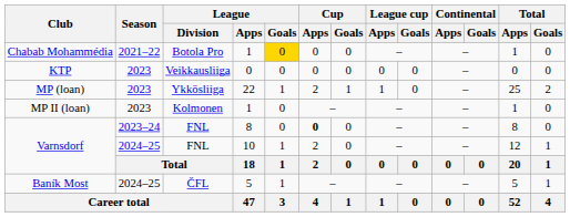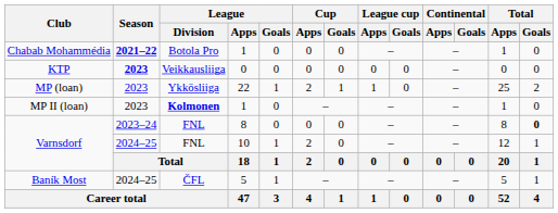 <table class="wikitable" style="text-align:center">
 <tr>
 <th rowspan="2">Club</th>
 <th rowspan="2">Season</th>
 <th colspan="3">League</th>
 <th colspan="2">Cup</th>
 <th colspan="2">League cup</th>
 <th colspan="2">Continental</th>
 <th colspan="2">Total</th>
 </tr>
 <tr>
 <th>Division</th>
 <th>Apps</th>
 <th>Goals</th>
 <th>Apps</th>
 <th>Goals</th>
 <th>Apps</th>
 <th>Goals</th>
 <th>Apps</th>
 <th>Goals</th>
 <th>Apps</th>
 <th>Goals</th>
 </tr>
 <tr>
 <td><a href='#'>Chabab Mohammédia</a></td>
-<td><a href='#'>2021–22</a></td>
+<td><strong><a href='#'>2021–22</a></strong></td>
 <td><a href='#'>Botola Pro</a></td>
 <td>1</td>
-<td style="background: gold;">0</td>
+<td>0</td>
 <td>0</td>
 <td>0</td>
 <td colspan="2">–</td>
 <td colspan="2">–</td>
 <td>1</td>
 <td>0</td>
 </tr>
 <tr>
 <td><a href='#'>KTP</a></td>
-<td><a href='#'>2023</a></td>
+<td><strong><a href='#'>2023</a></strong></td>
 <td><a href='#'>Veikkausliiga</a></td>
 <td>0</td>
 <td>0</td>
 <td>0</td>
 <td>0</td>
 <td>0</td>
 <td>0</td>
 <td colspan="2">–</td>
 <td>0</td>
 <td>0</td>
 </tr>
 <tr>
 <td><a href='#'>MP</a> (loan)</td>
 <td><a href='#'>2023</a></td>
 <td><a href='#'>Ykkösliiga</a></td>
 <td>22</td>
 <td>1</td>
 <td>2</td>
 <td>1</td>
 <td>1</td>
 <td>0</td>
 <td colspan="2">–</td>
 <td>25</td>
 <td>2</td>
 </tr>
 <tr>
 <td>MP II (loan)</td>
 <td>2023</td>
-<td><a href='#'>Kolmonen</a></td>
+<td><strong><a href='#'>Kolmonen</a></strong></td>
 <td>1</td>
 <td>0</td>
 <td colspan="2">–</td>
 <td colspan="2">–</td>
 <td colspan="2">–</td>
 <td>1</td>
 <td>0</td>
 </tr>
 <tr>
 <td rowspan=3><a href='#'>Varnsdorf</a></td>
 <td><a href='#'>2023–24</a></td>
 <td><a href='#'>FNL</a></td>
 <td>8</td>
 <td>0</td>
-<td><strong>0</strong></td>
+<td>0</td>
 <td>0</td>
 <td colspan="2">–</td>
 <td colspan="2">–</td>
 <td>8</td>
-<td>0</td>
+<td><strong>0</strong></td>
 </tr>
 <tr>
 <td><a href='#'>2024–25</a></td>
 <td>FNL</td>
 <td>10</td>
 <td>1</td>
 <td>2</td>
 <td>0</td>
 <td colspan="2">–</td>
 <td colspan="2">–</td>
 <td>12</td>
 <td>1</td>
 </tr>
 <tr>
 <th colspan="2">Total</th>
 <th>18</th>
 <th>1</th>
 <th>2</th>
 <th>0</th>
 <th>0</th>
 <th>0</th>
 <th>0</th>
 <th>0</th>
 <th>20</th>
 <th>1</th>
 </tr>
 <tr>
 <td><a href='#'>Baník Most</a></td>
 <td>2024–25</td>
 <td><a href='#'>ČFL</a></td>
 <td>5</td>
 <td>1</td>
 <td colspan="2">–</td>
 <td colspan="2">–</td>
 <td colspan="2">–</td>
 <td>5</td>
 <td>1</td>
 </tr>
 <tr>
 <th colspan="3">Career total</th>
 <th>47</th>
 <th>3</th>
 <th>4</th>
 <th>1</th>
 <th>1</th>
 <th>0</th>
 <th>0</th>
 <th>0</th>
 <th>52</th>
 <th>4</th>
 </tr>
 </table>
